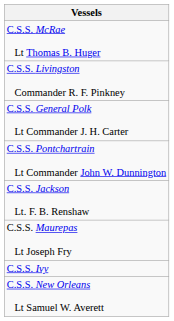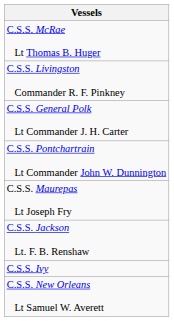 <table class="wikitable">
 <tr>
 <th>Vessels</th>
 </tr>
 <tr>
 <td><a href='#'>C.S.S. <em>McRae</em></a><br><br>   Lt <a href='#'>Thomas B. Huger</a></td>
 </tr>
 <tr>
 <td><a href='#'>C.S.S. <em>Livingston</em></a><br><br>   Commander R. F. Pinkney</td>
 </tr>
 <tr>
 <td><a href='#'>C.S.S. <em>General Polk</em></a><br><br>   Lt Commander J. H. Carter</td>
 </tr>
 <tr>
 <td><a href='#'>C.S.S. <em>Pontchartrain</em></a><br><br>   Lt Commander <a href='#'>John W. Dunnington</a></td>
 </tr>
 <tr>
-<td><a href='#'>C.S.S. <em>Jackson</em></a><br><br>   Lt. F. B. Renshaw</td>
+<td>C.S.S. <em><a href='#'>Maurepas</a></em><br><br>   Lt Joseph Fry</td>
 </tr>
 <tr>
-<td>C.S.S. <em><a href='#'>Maurepas</a></em><br><br>   Lt Joseph Fry</td>
+<td><a href='#'>C.S.S. <em>Jackson</em></a><br><br>   Lt. F. B. Renshaw</td>
 </tr>
 <tr>
 <td><a href='#'>C.S.S. <em>Ivy</em></a></td>
 </tr>
 <tr>
 <td><a href='#'>C.S.S. <em>New Orleans</em></a><br><br>   Lt Samuel W. Averett</td>
 </tr>
 </table>
